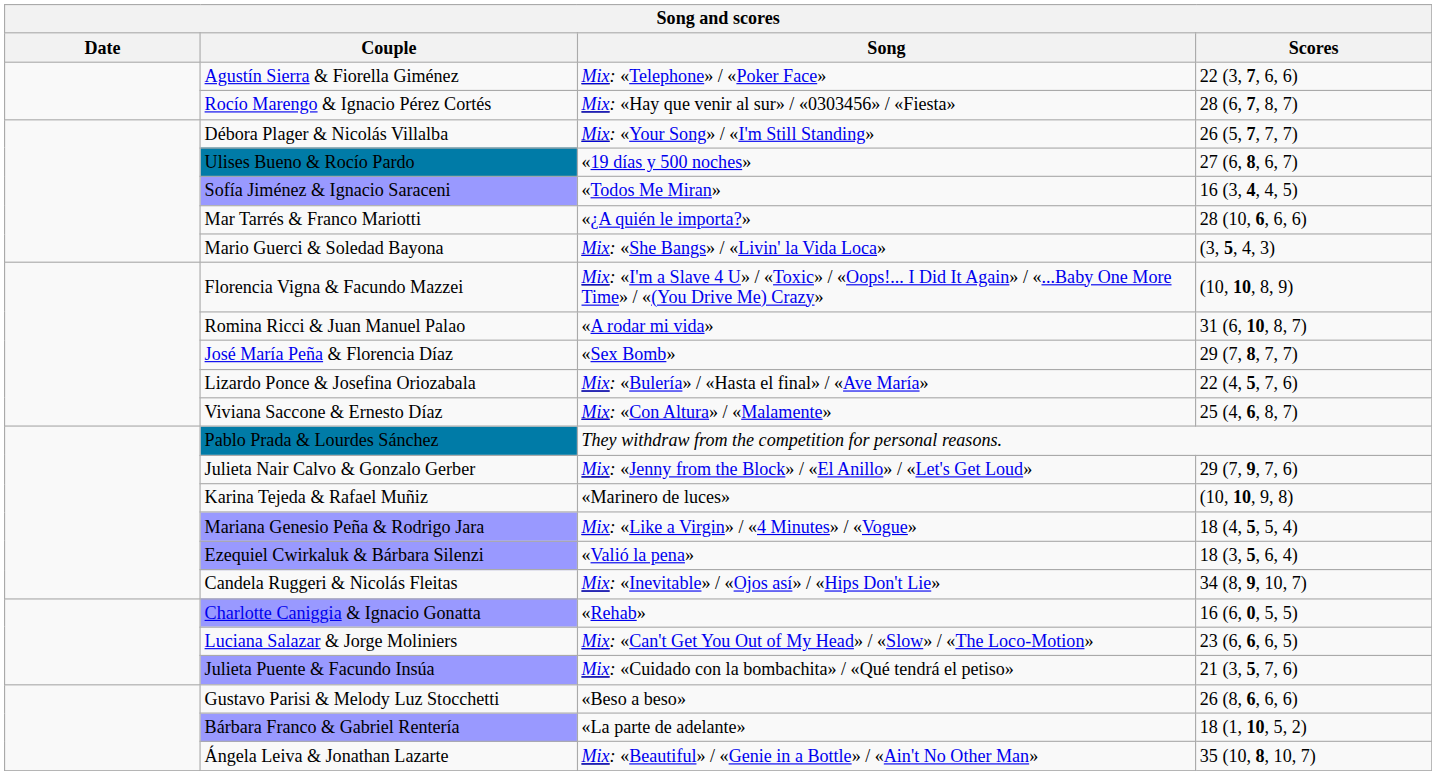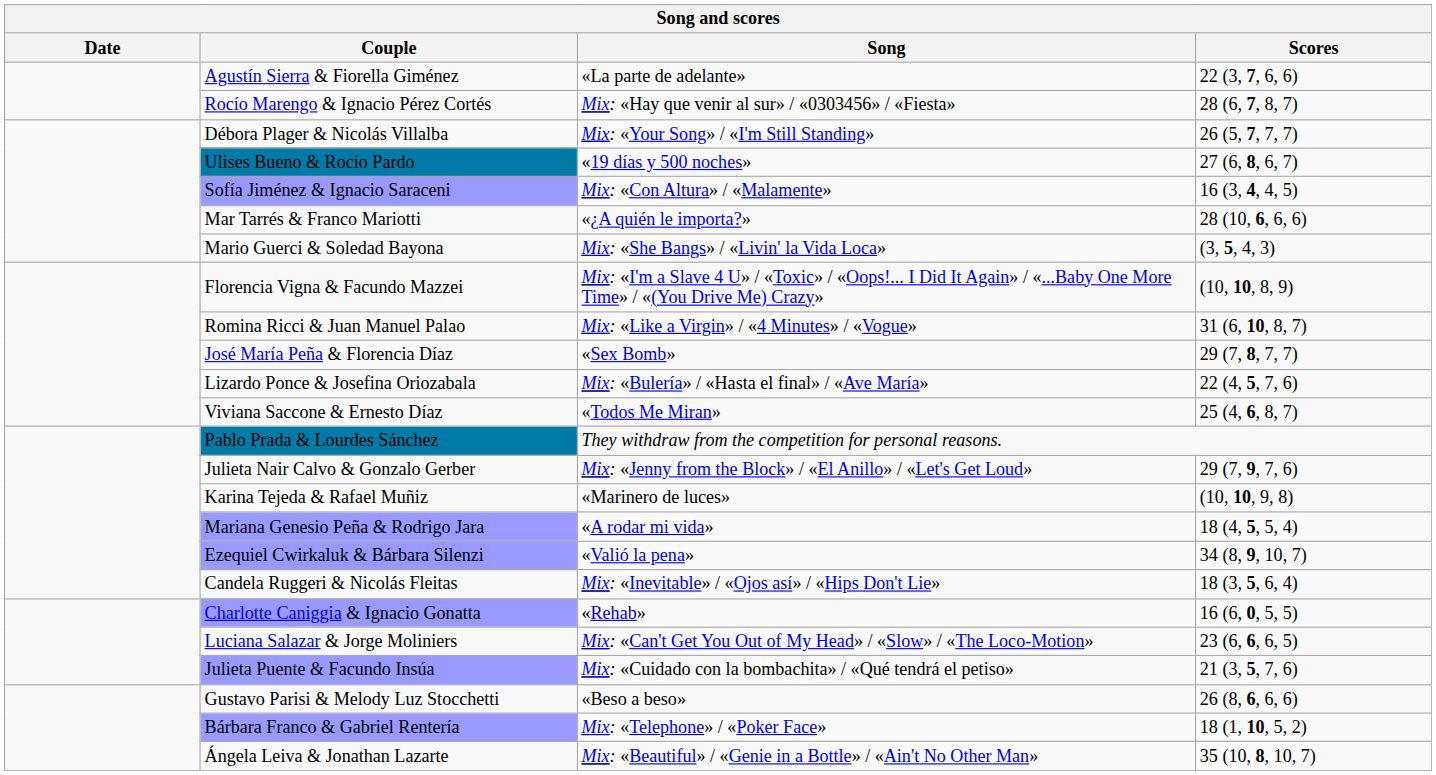 <table class="wikitable collapsible collapsed" style="text-align: align; width: 100%">
 <tr>
 <th colspan="11" style="with: 100%" align="center">Song and scores</th>
 </tr>
 <tr>
 <th width=90>Date</th>
 <th width=180>Couple</th>
 <th width=300>Song</th>
 <th width=110>Scores</th>
 </tr>
 <tr>
 <td rowspan="2"></td>
 <td><a href='#'>Agustín Sierra</a> & Fiorella Giménez</td>
-<td><em><u><a href='#'>Mix</a></u>:</em> «<a href='#'>Telephone</a>» / «<a href='#'>Poker Face</a>» </td>
+<td>«La parte de adelante» </td>
 <td>22 (3, <strong>7</strong>, 6, 6)</td>
 </tr>
 <tr>
 <td><a href='#'>Rocío Marengo</a> & Ignacio Pérez Cortés</td>
 <td><em><u><a href='#'>Mix</a></u>:</em> «Hay que venir al sur» / «0303456» / «Fiesta» </td>
 <td>28 (6, <strong>7</strong>, 8, 7)</td>
 </tr>
 <tr>
 <td rowspan="5"></td>
 <td>Débora Plager & Nicolás Villalba</td>
 <td><em><u><a href='#'>Mix</a></u>:</em> «<a href='#'>Your Song</a>» / «<a href='#'>I'm Still Standing</a>» </td>
 <td>26 (5, <strong>7</strong>, 7, 7)</td>
 </tr>
 <tr>
 <td bgcolor="#007BA7">Ulises Bueno & Rocío Pardo</td>
 <td>«<a href='#'>19 días y 500 noches</a>» </td>
 <td>27 (6, <strong>8</strong>, 6, 7)</td>
 </tr>
 <tr>
 <td bgcolor="#9999FF">Sofía Jiménez & Ignacio Saraceni</td>
-<td>«<a href='#'>Todos Me Miran</a>» </td>
+<td><em><u><a href='#'>Mix</a></u>:</em> «<a href='#'>Con Altura</a>» / «<a href='#'>Malamente</a>» </td>
 <td>16 (3, <strong>4</strong>, 4, 5)</td>
 </tr>
 <tr>
 <td>Mar Tarrés & Franco Mariotti</td>
 <td>«<a href='#'>¿A quién le importa?</a>» </td>
 <td>28 (10, <strong>6</strong>, 6, 6)</td>
 </tr>
 <tr>
 <td>Mario Guerci & Soledad Bayona</td>
 <td><em><u><a href='#'>Mix</a></u>:</em> «<a href='#'>She Bangs</a>» / «<a href='#'>Livin' la Vida Loca</a>» </td>
 <td> (3, <strong>5</strong>, 4, 3)</td>
 </tr>
 <tr>
 <td rowspan="5"></td>
 <td>Florencia Vigna & Facundo Mazzei</td>
 <td><em><u><a href='#'>Mix</a></u>:</em> «<a href='#'>I'm a Slave 4 U</a>» / «<a href='#'>Toxic</a>» / «<a href='#'>Oops!... I Did It Again</a>» / «<a href='#'>...Baby One More Time</a>» / «<a href='#'>(You Drive Me) Crazy</a>» </td>
 <td> (10, <strong>10</strong>, 8, 9)</td>
 </tr>
 <tr>
 <td>Romina Ricci & Juan Manuel Palao</td>
-<td>«<a href='#'>A rodar mi vida</a>» </td>
+<td><em><u><a href='#'>Mix</a></u>:</em> «<a href='#'>Like a Virgin</a>» / «<a href='#'>4 Minutes</a>» / «<a href='#'>Vogue</a>» </td>
 <td>31 (6, <strong>10</strong>, 8, 7)</td>
 </tr>
 <tr>
 <td><a href='#'>José María Peña</a> & Florencia Díaz</td>
 <td>«<a href='#'>Sex Bomb</a>» </td>
 <td>29 (7, <strong>8</strong>, 7, 7)</td>
 </tr>
 <tr>
 <td>Lizardo Ponce & Josefina Oriozabala</td>
 <td><em><u><a href='#'>Mix</a></u>:</em> «<a href='#'>Bulería</a>» / «Hasta el final» / «<a href='#'>Ave María</a>» </td>
 <td>22 (4, <strong>5</strong>, 7, 6)</td>
 </tr>
 <tr>
 <td>Viviana Saccone & Ernesto Díaz</td>
-<td><em><u><a href='#'>Mix</a></u>:</em> «<a href='#'>Con Altura</a>» / «<a href='#'>Malamente</a>» </td>
+<td>«<a href='#'>Todos Me Miran</a>» </td>
 <td>25 (4, <strong>6</strong>, 8, 7)</td>
 </tr>
 <tr>
 <td rowspan="6"></td>
 <td bgcolor="#007BA7">Pablo Prada & Lourdes Sánchez</td>
 <td colspan="2"><em>They withdraw from the competition for personal reasons.</em></td>
 </tr>
 <tr>
 <td>Julieta Nair Calvo & Gonzalo Gerber</td>
 <td><em><u><a href='#'>Mix</a></u>:</em> «<a href='#'>Jenny from the Block</a>» / «<a href='#'>El Anillo</a>» / «<a href='#'>Let's Get Loud</a>» </td>
 <td>29 (7, <strong>9</strong>, 7, 6)</td>
 </tr>
 <tr>
 <td>Karina Tejeda & Rafael Muñiz</td>
 <td>«Marinero de luces» </td>
 <td> (10, <strong>10</strong>, 9, 8)</td>
 </tr>
 <tr>
 <td bgcolor="#9999FF">Mariana Genesio Peña & Rodrigo Jara</td>
-<td><em><u><a href='#'>Mix</a></u>:</em> «<a href='#'>Like a Virgin</a>» / «<a href='#'>4 Minutes</a>» / «<a href='#'>Vogue</a>» </td>
+<td>«<a href='#'>A rodar mi vida</a>» </td>
 <td>18 (4, <strong>5</strong>, 5, 4)</td>
 </tr>
 <tr>
 <td bgcolor="#9999FF">Ezequiel Cwirkaluk & Bárbara Silenzi</td>
 <td>«<a href='#'>Valió la pena</a>» </td>
-<td>18 (3, <strong>5</strong>, 6, 4)</td>
+<td>34 (8, <strong>9</strong>, 10, 7)</td>
 </tr>
 <tr>
 <td>Candela Ruggeri & Nicolás Fleitas</td>
 <td><em><u><a href='#'>Mix</a></u>:</em> «<a href='#'>Inevitable</a>» / «<a href='#'>Ojos así</a>» / «<a href='#'>Hips Don't Lie</a>» </td>
-<td>34 (8, <strong>9</strong>, 10, 7)</td>
+<td>18 (3, <strong>5</strong>, 6, 4)</td>
 </tr>
 <tr>
 <td rowspan="3"></td>
 <td bgcolor="#9999FF"><a href='#'>Charlotte Caniggia</a> & Ignacio Gonatta</td>
 <td>«<a href='#'>Rehab</a>» </td>
 <td>16 (6, <strong>0</strong>, 5, 5)</td>
 </tr>
 <tr>
 <td><a href='#'>Luciana Salazar</a> & Jorge Moliniers</td>
 <td><em><u><a href='#'>Mix</a></u>:</em> «<a href='#'>Can't Get You Out of My Head</a>» / «<a href='#'>Slow</a>» / «<a href='#'>The Loco-Motion</a>» </td>
 <td>23 (6, <strong>6</strong>, 6, 5)</td>
 </tr>
 <tr>
 <td bgcolor="#9999FF">Julieta Puente & Facundo Insúa</td>
 <td><em><u><a href='#'>Mix</a></u>:</em> «Cuidado con la bombachita» / «Qué tendrá el petiso» </td>
 <td>21 (3, <strong>5</strong>, 7, 6)</td>
 </tr>
 <tr>
 <td rowspan="3"></td>
 <td>Gustavo Parisi & Melody Luz Stocchetti</td>
 <td>«Beso a beso» </td>
 <td>26 (8, <strong>6</strong>, 6, 6)</td>
 </tr>
 <tr>
 <td bgcolor="#9999FF">Bárbara Franco & Gabriel Rentería</td>
-<td>«La parte de adelante» </td>
+<td><em><u><a href='#'>Mix</a></u>:</em> «<a href='#'>Telephone</a>» / «<a href='#'>Poker Face</a>» </td>
 <td>18 (1, <strong>10</strong>, 5, 2)</td>
 </tr>
 <tr>
 <td>Ángela Leiva & Jonathan Lazarte</td>
 <td><em><u><a href='#'>Mix</a></u>:</em> «<a href='#'>Beautiful</a>» / «<a href='#'>Genie in a Bottle</a>» / «<a href='#'>Ain't No Other Man</a>» </td>
 <td>35 (10, <strong>8</strong>, 10, 7)</td>
 </tr>
 </table>
